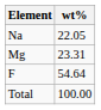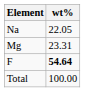 <table class="wikitable">
 <tr>
 <th>Element</th>
 <th>wt%</th>
 </tr>
 <tr>
 <td>Na</td>
 <td 22.05>22.05</td>
 </tr>
 <tr>
 <td>Mg</td>
 <td 23.31>23.31</td>
 </tr>
 <tr>
 <td>F</td>
-<td 54.64>54.64</td>
+<td 54.64><strong>54.64</strong></td>
 </tr>
 <tr>
 <td>Total</td>
 <td>100.00</td>
 </tr>
 </table>
